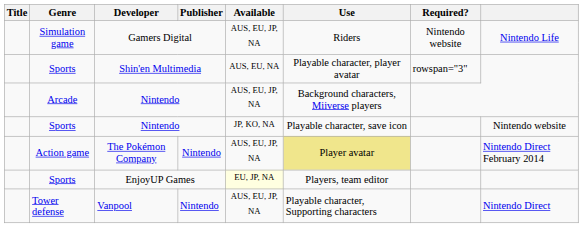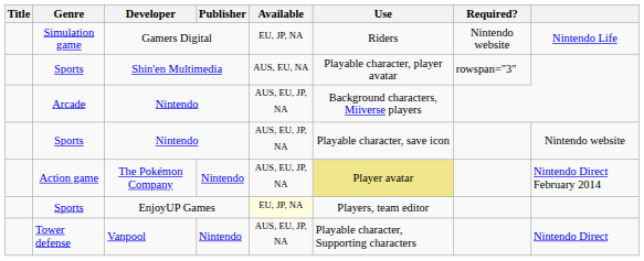 <table class="wikitable sortable" style="width:100%;" id="3dseshoplist">
 <tr>
 <th>Title</th>
 <th>Genre</th>
 <th>Developer</th>
 <th>Publisher</th>
 <th>Available</th>
 <th>Use</th>
 <th>Required?</th>
 <th></th>
 </tr>
 <tr>
 <td></td>
 <td align="center"><a href='#'>Simulation game</a></td>
 <td colspan="2" align="center">Gamers Digital</td>
-<td align="center"><sup>AUS, EU, JP, NA</sup></td>
+<td align=center><sup>EU, JP, NA</sup></td>
 <td align="center">Riders</td>
 <td align="center">Nintendo website</td>
 <td align="center"><a href='#'>Nintendo Life</a></td>
 </tr>
 <tr>
 <td></td>
 <td align="center"><a href='#'>Sports</a></td>
 <td colspan="2" align="center"><a href='#'>Shin'en Multimedia</a></td>
 <td align="center"><sup>AUS, EU, NA</sup></td>
 <td align="center">Playable character, player avatar</td>
 <td>rowspan="3" </td>
 </tr>
 <tr>
 <td></td>
 <td align="center"><a href='#'>Arcade</a></td>
 <td colspan="2" align="center"><a href='#'>Nintendo</a></td>
 <td align="center"><sup>AUS, EU, JP, NA</sup></td>
 <td align="center">Background characters, <a href='#'>Miiverse</a> players</td>
 </tr>
 <tr>
 <td></td>
 <td align="center"><a href='#'>Sports</a></td>
 <td colspan="2" align="center"><a href='#'>Nintendo</a></td>
-<td align="center"><sup>JP, KO, NA</sup></td>
+<td align="center"><sup>AUS, EU, JP, NA</sup></td>
 <td align="center">Playable character, save icon</td>
 <td></td>
 <td align="center">Nintendo website</td>
 </tr>
 <tr>
 <td></td>
 <td align="center"><a href='#'>Action game</a></td>
 <td align="center"><a href='#'>The Pokémon Company</a></td>
 <td align="center"><a href='#'>Nintendo</a></td>
 <td align="center"><sup>AUS, EU, JP, NA</sup></td>
 <td align="center" style="background: khaki;">Player avatar</td>
 <td></td>
 <td><a href='#'>Nintendo Direct</a> February 2014</td>
 </tr>
 <tr>
 <td></td>
 <td align=center><a href='#'>Sports</a></td>
 <td colspan="2" align="center">EnjoyUP Games</td>
 <td align=center style="background: lightyellow;"><sup>EU, JP, NA</sup></td>
 <td align=center>Players, team editor</td>
 <td></td>
 <td align=center></td>
 </tr>
 <tr>
 <td></td>
 <td><a href='#'>Tower defense</a></td>
 <td><a href='#'>Vanpool</a></td>
 <td><a href='#'>Nintendo</a></td>
 <td align="center"><sup>AUS, EU, JP, NA</sup></td>
 <td>Playable character, Supporting characters</td>
 <td></td>
 <td><a href='#'>Nintendo Direct</a></td>
 </tr>
 </table>
